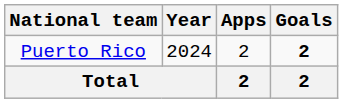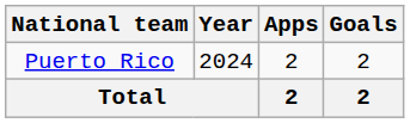 <table class="wikitable" style="text-align:center">
 <tr>
 <th>National team</th>
 <th>Year</th>
 <th>Apps</th>
 <th>Goals</th>
 </tr>
 <tr>
 <td><a href='#'>Puerto Rico</a></td>
 <td>2024</td>
 <td>2</td>
-<td><strong>2</strong></td>
+<td>2</td>
 </tr>
 <tr>
 <th colspan="2">Total</th>
 <th>2</th>
 <th>2</th>
 </tr>
 </table>
